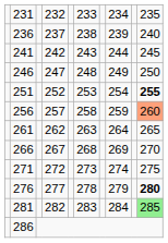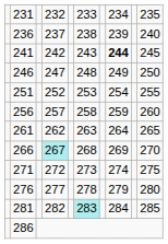 <table class="wikitable" style="text-align:center">
 <tr>
 <td></td>
 <td>231<br><big></big></td>
 <td></td>
 <td>232<br><big></big></td>
 <td></td>
 <td>233<br><big></big></td>
 <td></td>
 <td>234<br><big></big></td>
 <td></td>
 <td>235<br><big></big></td>
 </tr>
 <tr>
 <td></td>
 <td>236<br><big></big></td>
 <td></td>
 <td>237<br><big></big></td>
 <td></td>
 <td>238<br><big></big></td>
 <td></td>
 <td>239<br><big></big></td>
 <td></td>
 <td>240<br><big></big></td>
 </tr>
 <tr>
 <td></td>
 <td>241<br><big></big></td>
 <td></td>
 <td>242<br><big></big></td>
 <td></td>
 <td>243<br><big></big></td>
 <td></td>
-<td>244<br><big></big></td>
+<td><strong>244<br><big></big></strong></td>
 <td></td>
 <td>245<br><big></big></td>
 </tr>
 <tr>
 <td></td>
 <td>246<br><big></big></td>
 <td></td>
 <td>247<br><big></big></td>
 <td></td>
 <td>248<br><big></big></td>
 <td></td>
 <td>249<br><big></big></td>
 <td></td>
 <td>250<br><big></big></td>
 </tr>
 <tr>
 <td></td>
 <td>251<br><big></big></td>
 <td></td>
 <td>252<br><big></big></td>
 <td></td>
 <td>253<br><big></big></td>
 <td></td>
 <td>254<br><big></big></td>
 <td></td>
-<td><strong>255<br><big></big></strong></td>
+<td>255<br><big></big></td>
 </tr>
 <tr>
 <td></td>
 <td>256<br><big></big></td>
 <td></td>
 <td>257<br><big></big></td>
 <td></td>
 <td>258<br><big></big></td>
 <td></td>
 <td>259<br><big></big></td>
 <td></td>
-<td style="background: lightsalmon;">260<br><big></big></td>
+<td>260<br><big></big></td>
 </tr>
 <tr>
 <td></td>
 <td>261<br><big></big></td>
 <td></td>
 <td>262<br><big></big></td>
 <td></td>
 <td>263<br><big></big></td>
 <td></td>
 <td>264<br><big></big></td>
 <td></td>
 <td>265<br><big></big></td>
 </tr>
 <tr>
 <td></td>
 <td>266<br><big></big></td>
 <td></td>
-<td>267<br><big></big></td>
+<td style="background: paleturquoise;">267<br><big></big></td>
 <td></td>
 <td>268<br><big></big></td>
 <td></td>
 <td>269<br><big></big></td>
 <td></td>
 <td>270<br><big></big></td>
 </tr>
 <tr>
 <td></td>
 <td>271<br><big></big></td>
 <td></td>
 <td>272<br><big></big></td>
 <td></td>
 <td>273<br><big></big></td>
 <td></td>
 <td>274<br><big></big></td>
 <td></td>
 <td>275<br><big></big></td>
 </tr>
 <tr>
 <td></td>
 <td>276<br><big></big></td>
 <td></td>
 <td>277<br><big></big></td>
 <td></td>
 <td>278<br><big></big></td>
 <td></td>
 <td>279<br><big></big></td>
 <td></td>
-<td><strong>280<br><big></big></strong></td>
+<td>280<br><big></big></td>
 </tr>
 <tr>
 <td></td>
 <td>281<br><big></big></td>
 <td></td>
 <td>282<br><big></big></td>
 <td></td>
-<td>283<br><big></big></td>
+<td style="background: paleturquoise;">283<br><big></big></td>
 <td></td>
 <td>284<br><big></big></td>
 <td></td>
-<td style="background: lightgreen;">285<br><big></big></td>
+<td>285<br><big></big></td>
 </tr>
 <tr>
 <td></td>
 <td>286<br><big></big></td>
 </tr>
 </table>
